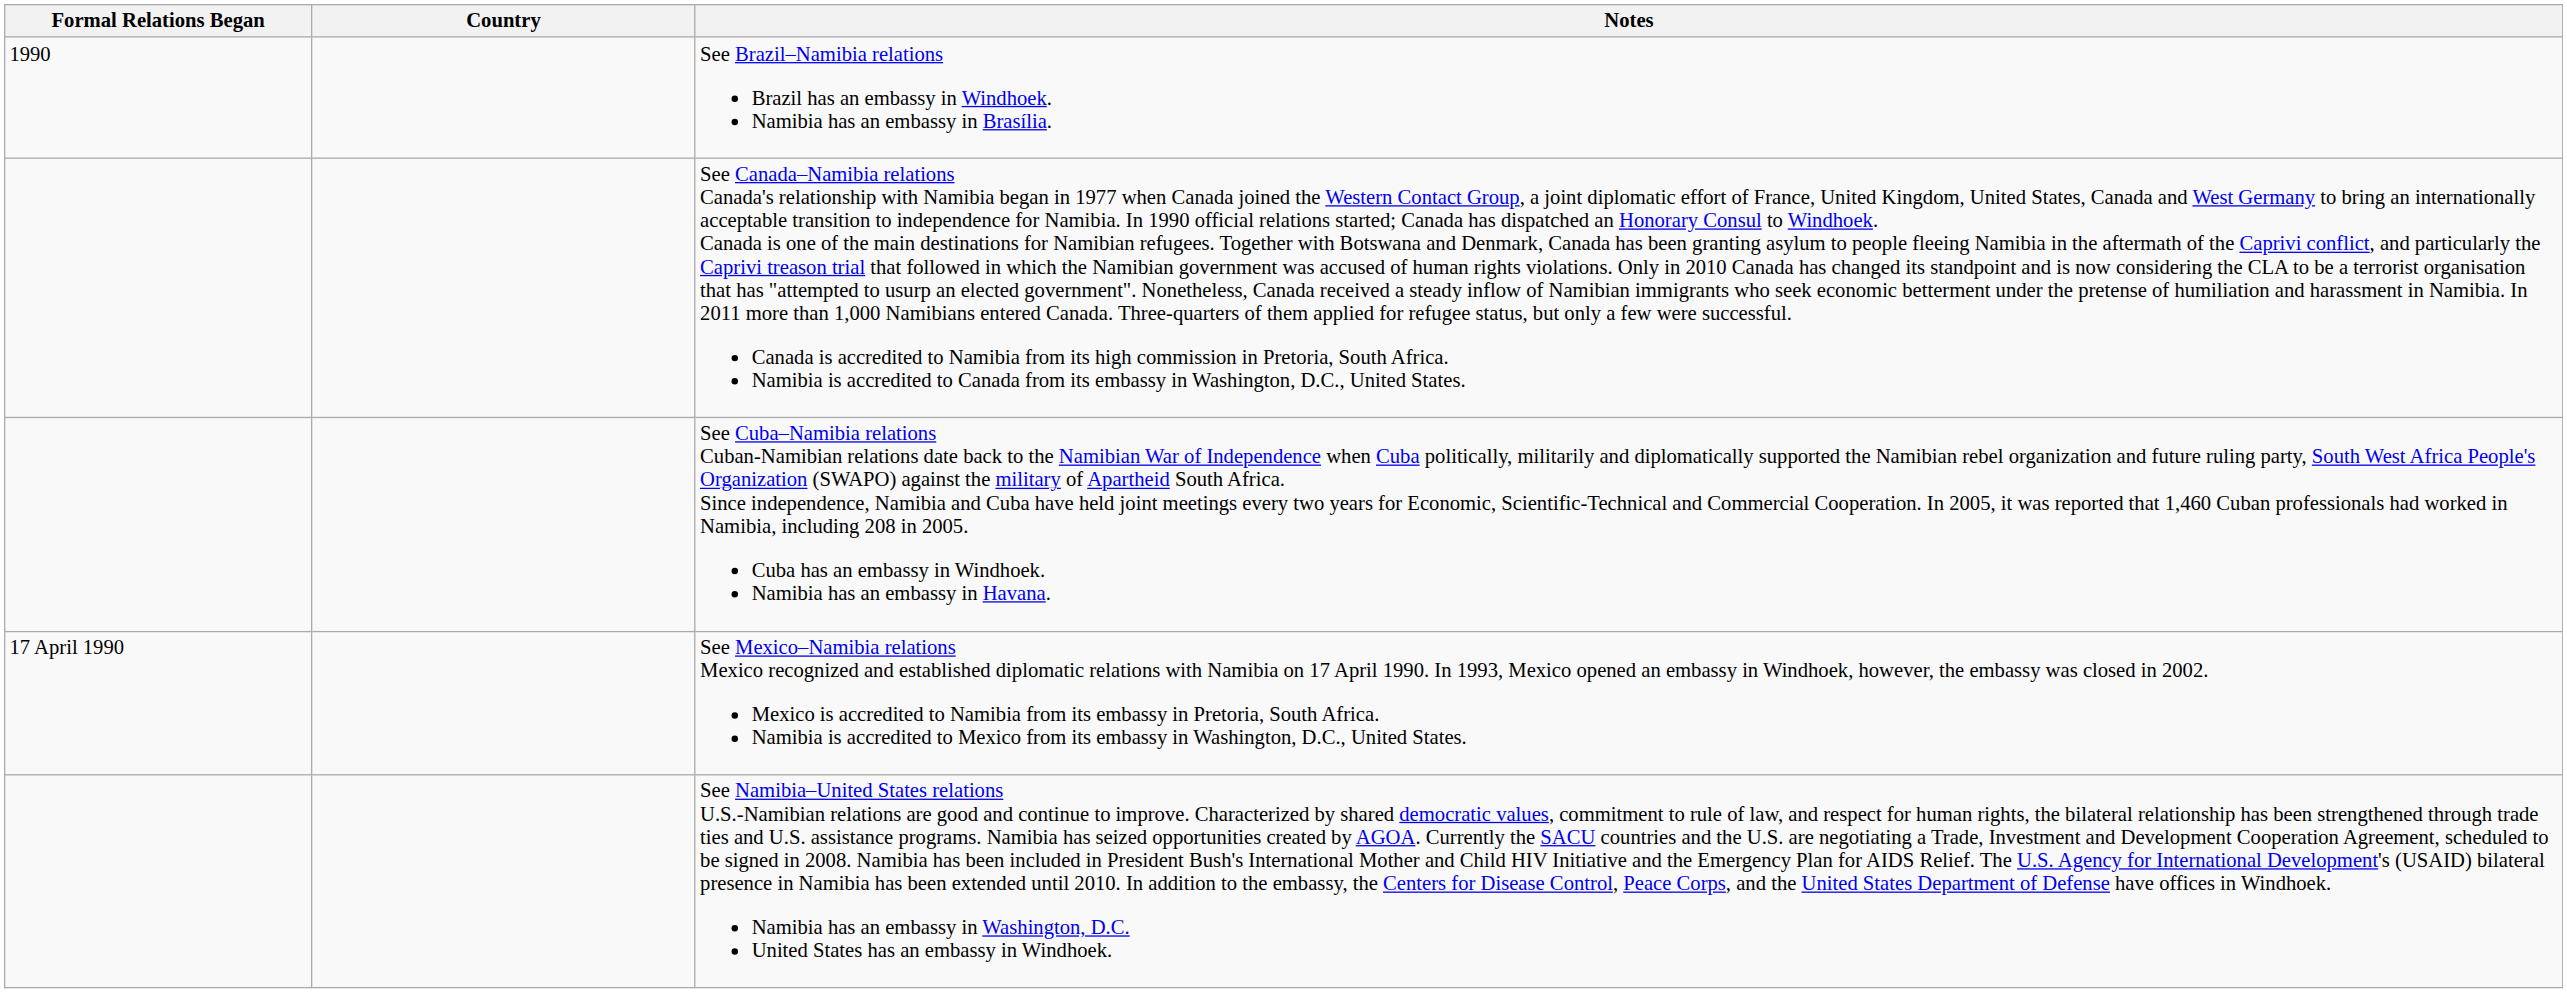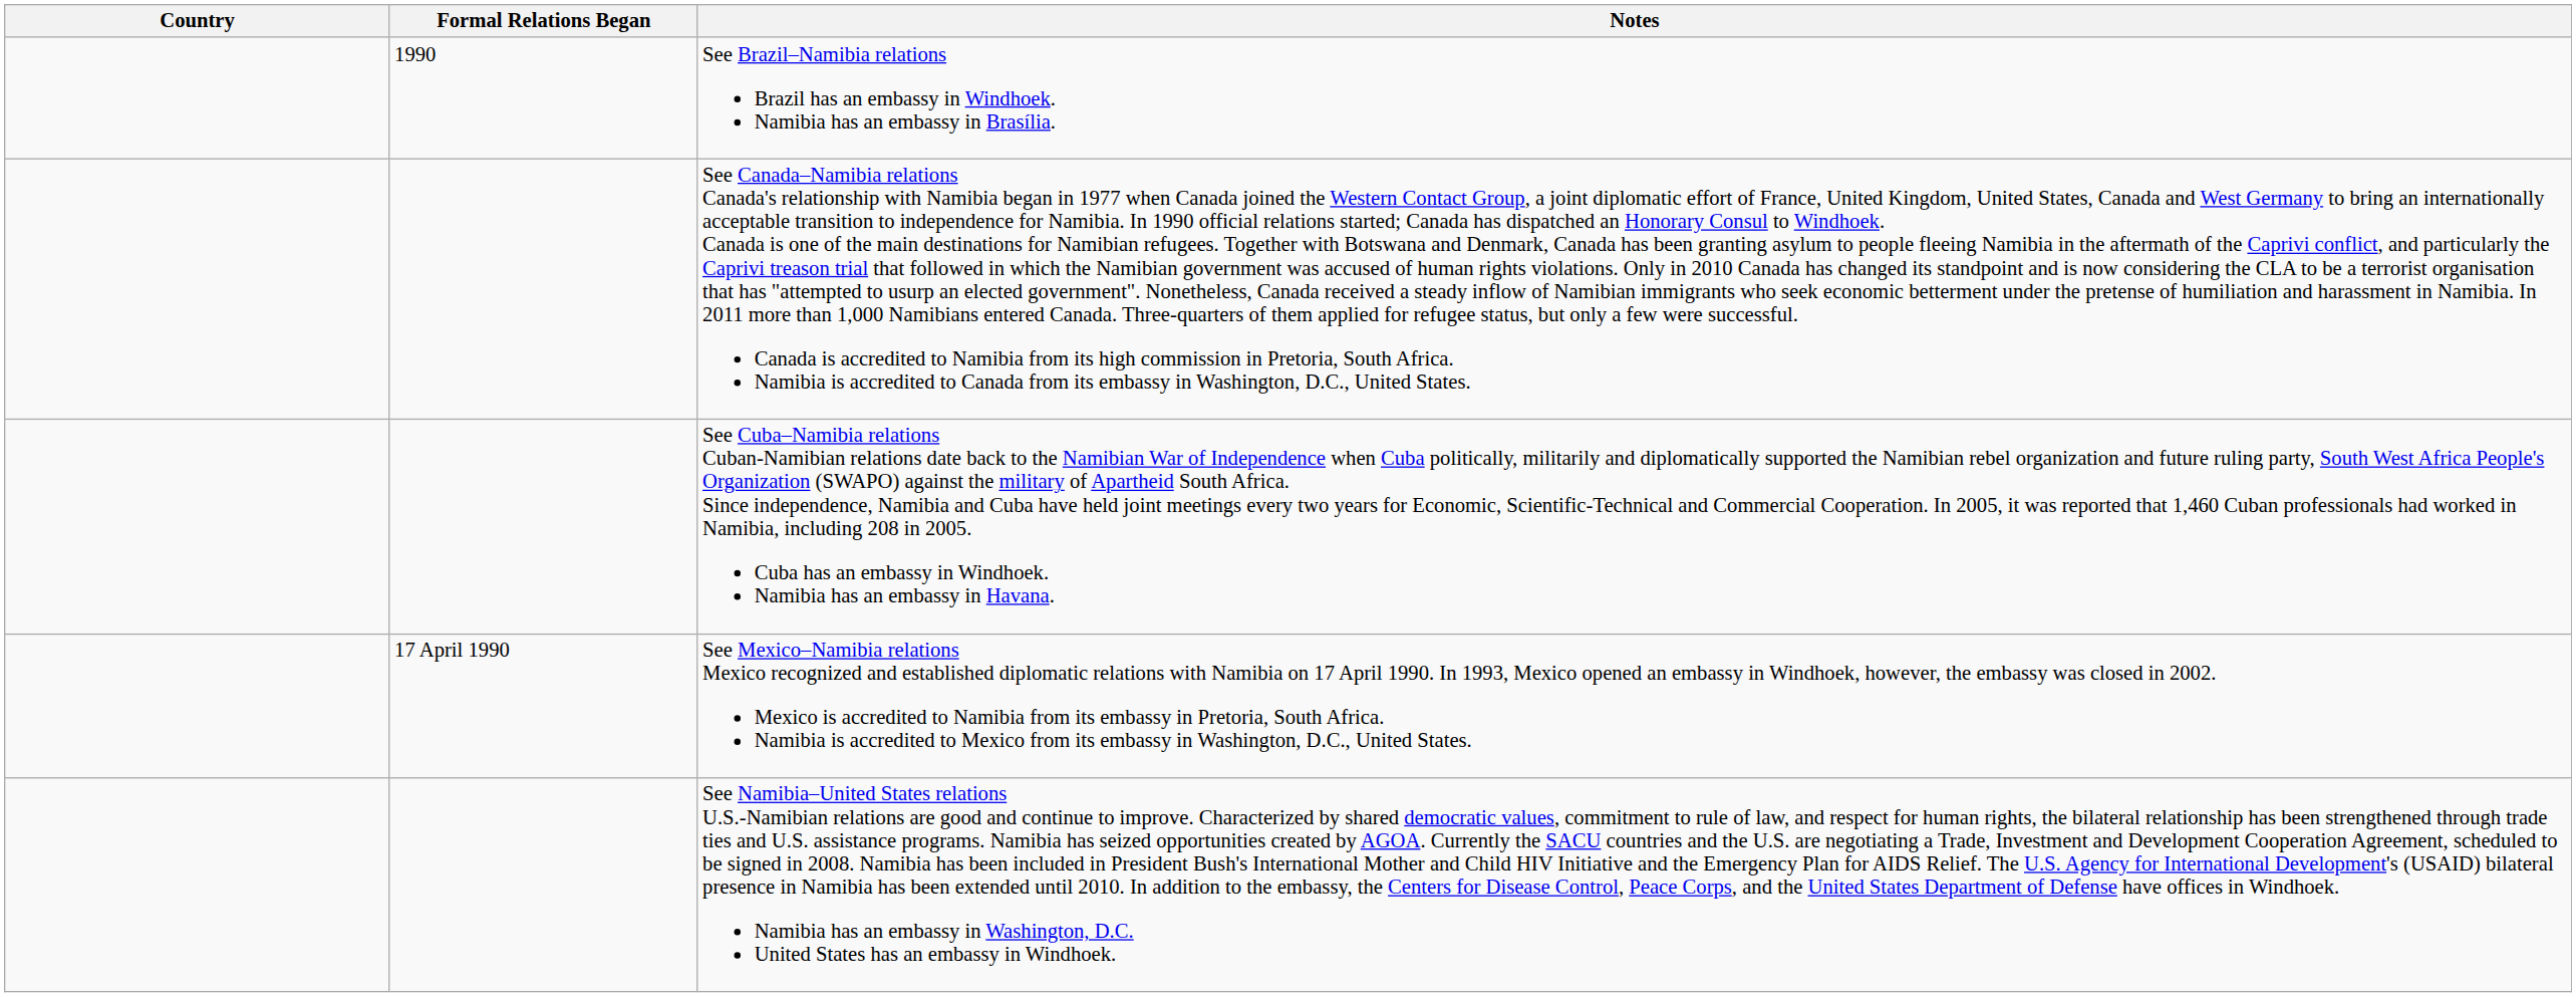 <table class="wikitable sortable" style="width:100%; margin:auto;">
 <tr>
+<th style="width:15%;">Country</th>
 <th style="width:12%;">Formal Relations Began</th>
-<th style="width:15%;">Country</th>
 <th>Notes</th>
 </tr>
 <tr valign="top">
+<td></td>
 <td>1990</td>
-<td></td>
 <td>See <a href='#'>Brazil–Namibia relations</a><br><ul><li>Brazil has an embassy in <a href='#'>Windhoek</a>.</li><li>Namibia has an embassy in <a href='#'>Brasília</a>.</li></ul></td>
 </tr>
 <tr valign="top">
 <td></td>
 <td></td>
 <td>See <a href='#'>Canada–Namibia relations</a><br>Canada's relationship with Namibia began in 1977 when Canada joined the <a href='#'>Western Contact Group</a>, a joint diplomatic effort of France, United Kingdom, United States, Canada and <a href='#'>West Germany</a> to bring an internationally acceptable transition to independence for Namibia. In 1990 official relations started; Canada has dispatched an <a href='#'>Honorary Consul</a> to <a href='#'>Windhoek</a>.<br>Canada is one of the main destinations for Namibian refugees. Together with Botswana and Denmark, Canada has been granting asylum to people fleeing Namibia in the aftermath of the <a href='#'>Caprivi conflict</a>, and particularly the <a href='#'>Caprivi treason trial</a> that followed in which the Namibian government was accused of human rights violations. Only in 2010 Canada has changed its standpoint and is now considering the CLA to be a terrorist organisation that has "attempted to usurp an elected government". Nonetheless, Canada received a steady inflow of Namibian immigrants who seek economic betterment under the pretense of humiliation and harassment in Namibia. In 2011 more than 1,000 Namibians entered Canada. Three-quarters of them applied for refugee status, but only a few were successful.<ul><li>Canada is accredited to Namibia from its high commission in Pretoria, South Africa.</li><li>Namibia is accredited to Canada from its embassy in Washington, D.C., United States.</li></ul></td>
 </tr>
 <tr valign="top">
 <td></td>
 <td></td>
 <td>See <a href='#'>Cuba–Namibia relations</a><br>Cuban-Namibian relations date back to the <a href='#'>Namibian War of Independence</a> when <a href='#'>Cuba</a> politically, militarily and diplomatically supported the Namibian rebel organization and future ruling party, <a href='#'>South West Africa People's Organization</a> (SWAPO) against the <a href='#'>military</a> of <a href='#'>Apartheid</a> South Africa.<br>Since independence, Namibia and Cuba have held joint meetings every two years for Economic, Scientific-Technical and Commercial Cooperation. In 2005, it was reported that 1,460 Cuban professionals had worked in Namibia, including 208 in 2005.<ul><li>Cuba has an embassy in Windhoek.</li><li>Namibia has an embassy in <a href='#'>Havana</a>.</li></ul></td>
 </tr>
 <tr valign="top">
+<td></td>
 <td>17 April 1990</td>
-<td></td>
 <td>See <a href='#'>Mexico–Namibia relations</a><br>Mexico recognized and established diplomatic relations with Namibia on 17 April 1990. In 1993, Mexico opened an embassy in Windhoek, however, the embassy was closed in 2002.<ul><li>Mexico is accredited to Namibia from its embassy in Pretoria, South Africa.</li><li>Namibia is accredited to Mexico from its embassy in Washington, D.C., United States.</li></ul></td>
 </tr>
 <tr valign="top">
 <td></td>
 <td></td>
 <td>See <a href='#'>Namibia–United States relations</a><br>U.S.-Namibian relations are good and continue to improve. Characterized by shared <a href='#'>democratic values</a>, commitment to rule of law, and respect for human rights, the bilateral relationship has been strengthened through trade ties and U.S. assistance programs. Namibia has seized opportunities created by <a href='#'>AGOA</a>. Currently the <a href='#'>SACU</a> countries and the U.S. are negotiating a Trade, Investment and Development Cooperation Agreement, scheduled to be signed in 2008. Namibia has been included in President Bush's International Mother and Child HIV Initiative and the Emergency Plan for AIDS Relief.  The <a href='#'>U.S. Agency for International Development</a>'s (USAID) bilateral presence in Namibia has been extended until 2010. In addition to the embassy, the <a href='#'>Centers for Disease Control</a>, <a href='#'>Peace Corps</a>, and the <a href='#'>United States Department of Defense</a> have offices in Windhoek.<ul><li>Namibia has an embassy in <a href='#'>Washington, D.C.</a></li><li>United States has an embassy in Windhoek.</li></ul></td>
 </tr>
 </table>
